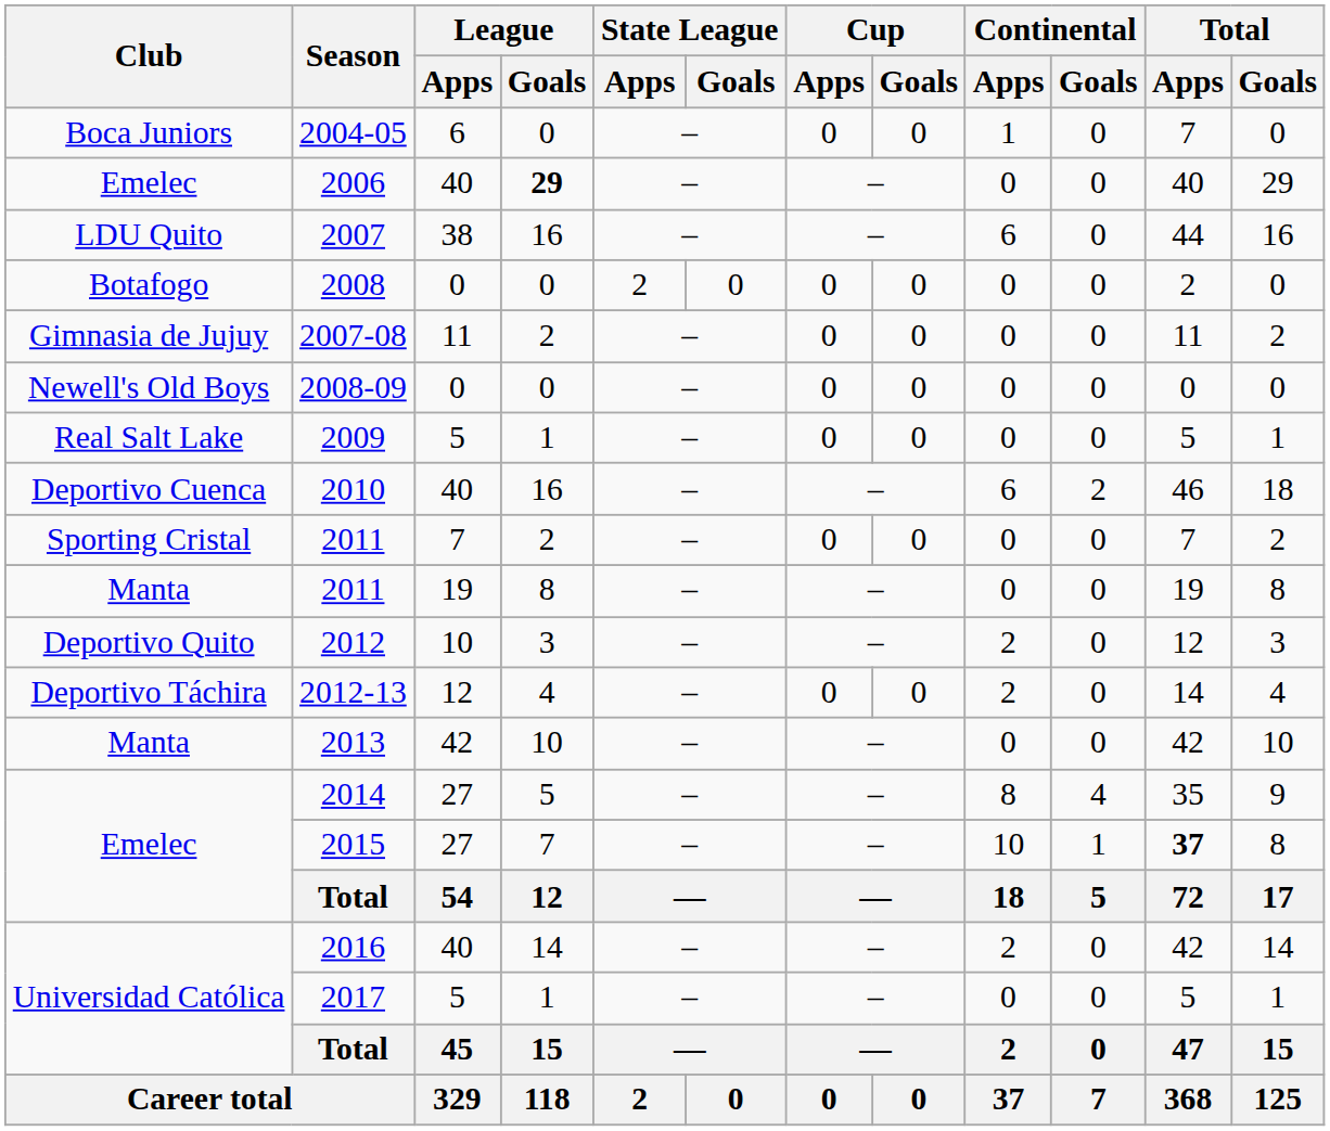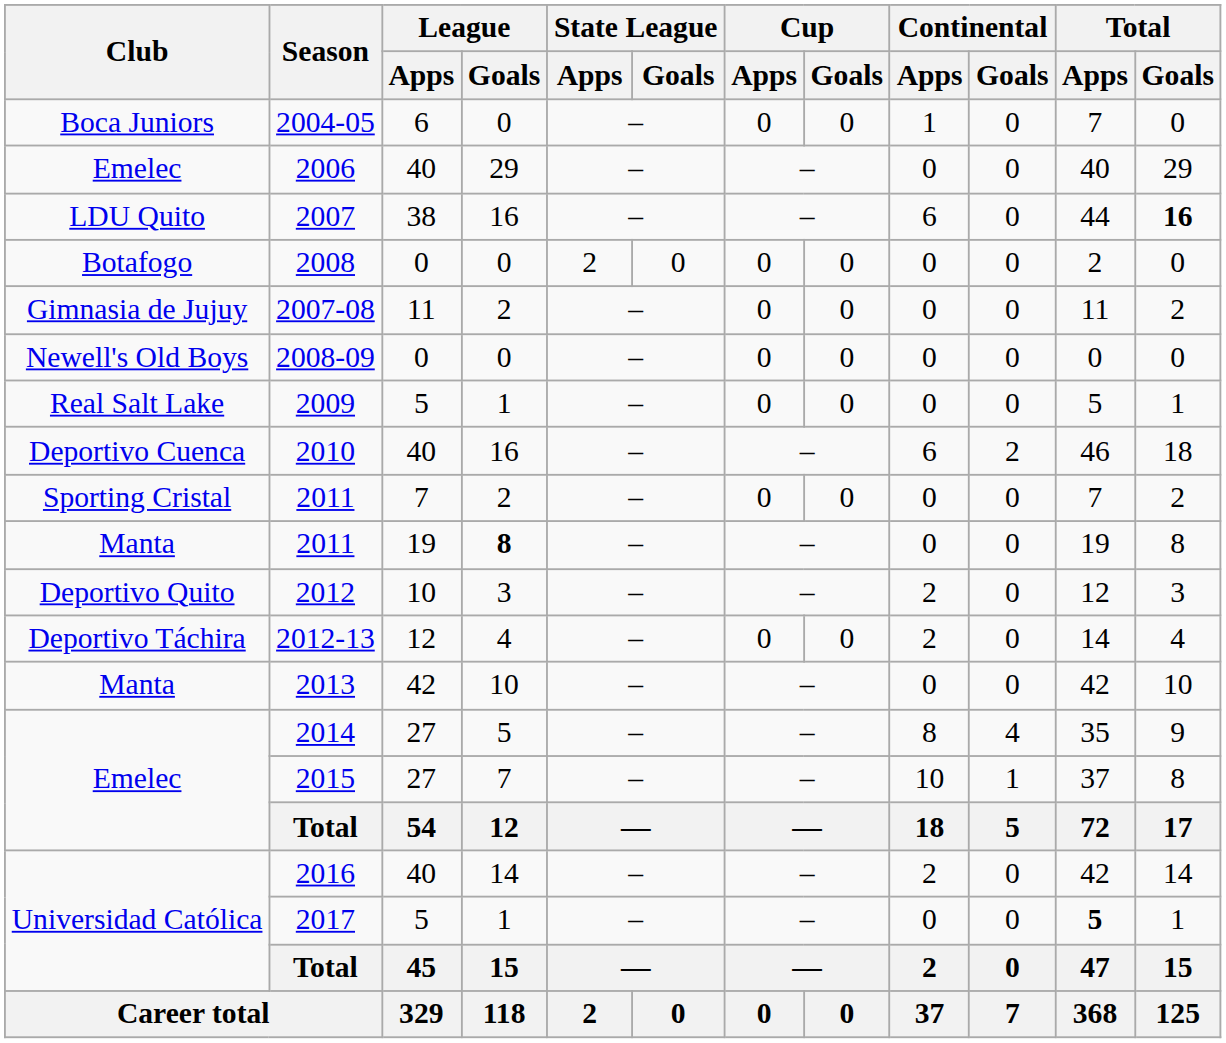 <table class="wikitable" style="text-align: center">
 <tr>
 <th rowspan="2">Club</th>
 <th rowspan="2">Season</th>
 <th colspan="2">League</th>
 <th colspan="2">State League</th>
 <th colspan="2">Cup</th>
 <th colspan="2">Continental</th>
 <th colspan="2">Total</th>
 </tr>
 <tr>
 <th>Apps</th>
 <th>Goals</th>
 <th>Apps</th>
 <th>Goals</th>
 <th>Apps</th>
 <th>Goals</th>
 <th>Apps</th>
 <th>Goals</th>
 <th>Apps</th>
 <th>Goals</th>
 </tr>
 <tr>
 <td><a href='#'>Boca Juniors</a></td>
 <td><a href='#'>2004-05</a></td>
 <td>6</td>
 <td>0</td>
 <td colspan="2">–</td>
 <td>0</td>
 <td>0</td>
 <td>1</td>
 <td>0</td>
 <td>7</td>
 <td>0</td>
 </tr>
 <tr>
 <td><a href='#'>Emelec</a></td>
 <td><a href='#'>2006</a></td>
 <td>40</td>
-<td><strong>29</strong></td>
+<td>29</td>
 <td colspan="2">–</td>
 <td colspan="2">–</td>
 <td>0</td>
 <td>0</td>
 <td>40</td>
 <td>29</td>
 </tr>
 <tr>
 <td><a href='#'>LDU Quito</a></td>
 <td><a href='#'>2007</a></td>
 <td>38</td>
 <td>16</td>
 <td colspan="2">–</td>
 <td colspan="2">–</td>
 <td>6</td>
 <td>0</td>
 <td>44</td>
-<td>16</td>
+<td><strong>16</strong></td>
 </tr>
 <tr>
 <td><a href='#'>Botafogo</a></td>
 <td><a href='#'>2008</a></td>
 <td>0</td>
 <td>0</td>
 <td>2</td>
 <td>0</td>
 <td>0</td>
 <td>0</td>
 <td>0</td>
 <td>0</td>
 <td>2</td>
 <td>0</td>
 </tr>
 <tr>
 <td><a href='#'>Gimnasia de Jujuy</a></td>
 <td><a href='#'>2007-08</a></td>
 <td>11</td>
 <td>2</td>
 <td colspan="2">–</td>
 <td>0</td>
 <td>0</td>
 <td>0</td>
 <td>0</td>
 <td>11</td>
 <td>2</td>
 </tr>
 <tr>
 <td><a href='#'>Newell's Old Boys</a></td>
 <td><a href='#'>2008-09</a></td>
 <td>0</td>
 <td>0</td>
 <td colspan="2">–</td>
 <td>0</td>
 <td>0</td>
 <td>0</td>
 <td>0</td>
 <td>0</td>
 <td>0</td>
 </tr>
 <tr>
 <td><a href='#'>Real Salt Lake</a></td>
 <td><a href='#'>2009</a></td>
 <td>5</td>
 <td>1</td>
 <td colspan="2">–</td>
 <td>0</td>
 <td>0</td>
 <td>0</td>
 <td>0</td>
 <td>5</td>
 <td>1</td>
 </tr>
 <tr>
 <td><a href='#'>Deportivo Cuenca</a></td>
 <td><a href='#'>2010</a></td>
 <td>40</td>
 <td>16</td>
 <td colspan="2">–</td>
 <td colspan="2">–</td>
 <td>6</td>
 <td>2</td>
 <td>46</td>
 <td>18</td>
 </tr>
 <tr>
 <td><a href='#'>Sporting Cristal</a></td>
 <td><a href='#'>2011</a></td>
 <td>7</td>
 <td>2</td>
 <td colspan="2">–</td>
 <td>0</td>
 <td>0</td>
 <td>0</td>
 <td>0</td>
 <td>7</td>
 <td>2</td>
 </tr>
 <tr>
 <td><a href='#'>Manta</a></td>
 <td><a href='#'>2011</a></td>
 <td>19</td>
-<td>8</td>
+<td><strong>8</strong></td>
 <td colspan="2">–</td>
 <td colspan="2">–</td>
 <td>0</td>
 <td>0</td>
 <td>19</td>
 <td>8</td>
 </tr>
 <tr>
 <td><a href='#'>Deportivo Quito</a></td>
 <td><a href='#'>2012</a></td>
 <td>10</td>
 <td>3</td>
 <td colspan="2">–</td>
 <td colspan="2">–</td>
 <td>2</td>
 <td>0</td>
 <td>12</td>
 <td>3</td>
 </tr>
 <tr>
 <td><a href='#'>Deportivo Táchira</a></td>
 <td><a href='#'>2012-13</a></td>
 <td>12</td>
 <td>4</td>
 <td colspan="2">–</td>
 <td>0</td>
 <td>0</td>
 <td>2</td>
 <td>0</td>
 <td>14</td>
 <td>4</td>
 </tr>
 <tr>
 <td><a href='#'>Manta</a></td>
 <td><a href='#'>2013</a></td>
 <td>42</td>
 <td>10</td>
 <td colspan="2">–</td>
 <td colspan="2">–</td>
 <td>0</td>
 <td>0</td>
 <td>42</td>
 <td>10</td>
 </tr>
 <tr>
 <td rowspan="3"><a href='#'>Emelec</a></td>
 <td><a href='#'>2014</a></td>
 <td>27</td>
 <td>5</td>
 <td colspan="2">–</td>
 <td colspan="2">–</td>
 <td>8</td>
 <td>4</td>
 <td>35</td>
 <td>9</td>
 </tr>
 <tr>
 <td><a href='#'>2015</a></td>
 <td>27</td>
 <td>7</td>
 <td colspan="2">–</td>
 <td colspan="2">–</td>
 <td>10</td>
 <td>1</td>
-<td><strong>37</strong></td>
+<td>37</td>
 <td>8</td>
 </tr>
 <tr>
 <th>Total</th>
 <th>54</th>
 <th>12</th>
 <th colspan="2">—</th>
 <th colspan="2">—</th>
 <th>18</th>
 <th>5</th>
 <th>72</th>
 <th>17</th>
 </tr>
 <tr>
 <td rowspan="3"><a href='#'>Universidad Católica</a></td>
 <td><a href='#'>2016</a></td>
 <td>40</td>
 <td>14</td>
 <td colspan="2">–</td>
 <td colspan="2">–</td>
 <td>2</td>
 <td>0</td>
 <td>42</td>
 <td>14</td>
 </tr>
 <tr>
 <td><a href='#'>2017</a></td>
 <td>5</td>
 <td>1</td>
 <td colspan="2">–</td>
 <td colspan="2">–</td>
 <td>0</td>
 <td>0</td>
-<td>5</td>
+<td><strong>5</strong></td>
 <td>1</td>
 </tr>
 <tr>
 <th>Total</th>
 <th>45</th>
 <th>15</th>
 <th colspan="2">—</th>
 <th colspan="2">—</th>
 <th>2</th>
 <th>0</th>
 <th>47</th>
 <th>15</th>
 </tr>
 <tr>
 <th colspan="2">Career total</th>
 <th>329</th>
 <th>118</th>
 <th>2</th>
 <th>0</th>
 <th>0</th>
 <th>0</th>
 <th>37</th>
 <th>7</th>
 <th>368</th>
 <th>125</th>
 </tr>
 </table>
